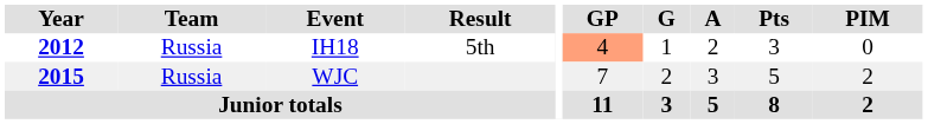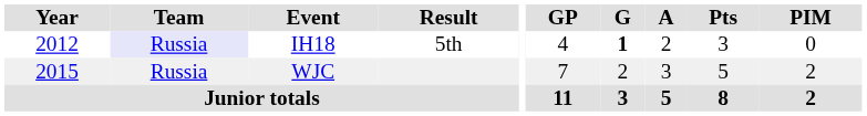 <table border="0" cellpadding="1" cellspacing="0" ID="Table3" style="text-align:center; width:40em">
 <tr ALIGN="center" bgcolor="#e0e0e0">
 <th>Year</th>
 <th>Team</th>
 <th>Event</th>
 <th>Result</th>
 <th rowspan="99" bgcolor="#ffffff"></th>
 <th>GP</th>
 <th>G</th>
 <th>A</th>
 <th>Pts</th>
 <th>PIM</th>
 </tr>
 <tr>
-<td><strong><a href='#'>2012</a></strong></td>
-<td><a href='#'>Russia</a></td>
+<td><a href='#'>2012</a></td>
+<td style="background: lavender;"><a href='#'>Russia</a></td>
 <td><a href='#'>IH18</a></td>
 <td>5th</td>
-<td style="background: lightsalmon;">4</td>
-<td>1</td>
+<td>4</td>
+<td><strong>1</strong></td>
 <td>2</td>
 <td>3</td>
 <td>0</td>
 </tr>
 <tr bgcolor="#f0f0f0">
-<td><strong><a href='#'>2015</a></strong></td>
+<td><a href='#'>2015</a></td>
 <td><a href='#'>Russia</a></td>
 <td><a href='#'>WJC</a></td>
 <td></td>
 <td>7</td>
 <td>2</td>
 <td>3</td>
 <td>5</td>
 <td>2</td>
 </tr>
 <tr bgcolor="#e0e0e0">
 <th colspan="4">Junior totals</th>
 <th>11</th>
 <th>3</th>
 <th>5</th>
 <th>8</th>
 <th>2</th>
 </tr>
 </table>
